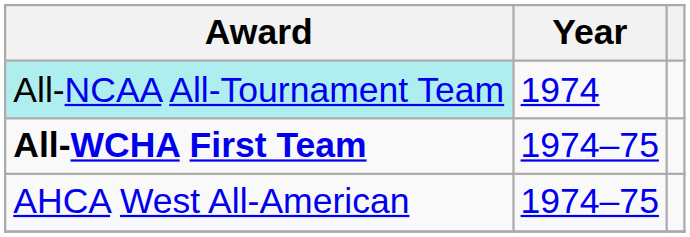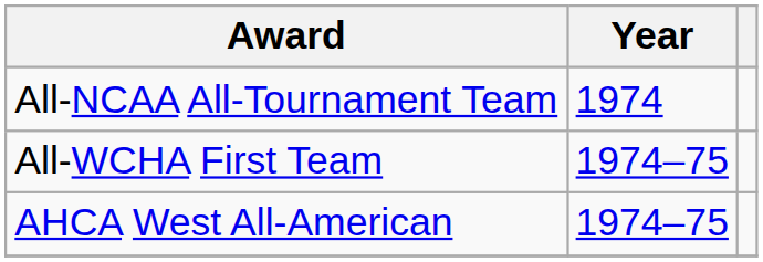 <table class="wikitable">
 <tr>
 <th>Award</th>
 <th>Year</th>
 <th></th>
 </tr>
 <tr>
-<td style="background: paleturquoise;">All-<a href='#'>NCAA</a> <a href='#'>All-Tournament Team</a></td>
+<td>All-<a href='#'>NCAA</a> <a href='#'>All-Tournament Team</a></td>
 <td><a href='#'>1974</a></td>
 <td></td>
 </tr>
 <tr>
-<td><strong>All-<a href='#'>WCHA</a> <a href='#'>First Team</a></strong></td>
+<td>All-<a href='#'>WCHA</a> <a href='#'>First Team</a></td>
 <td><a href='#'>1974–75</a></td>
 <td></td>
 </tr>
 <tr>
 <td><a href='#'>AHCA</a> <a href='#'>West All-American</a></td>
 <td><a href='#'>1974–75</a></td>
 <td></td>
 </tr>
 <tr>
 </tr>
 </table>
